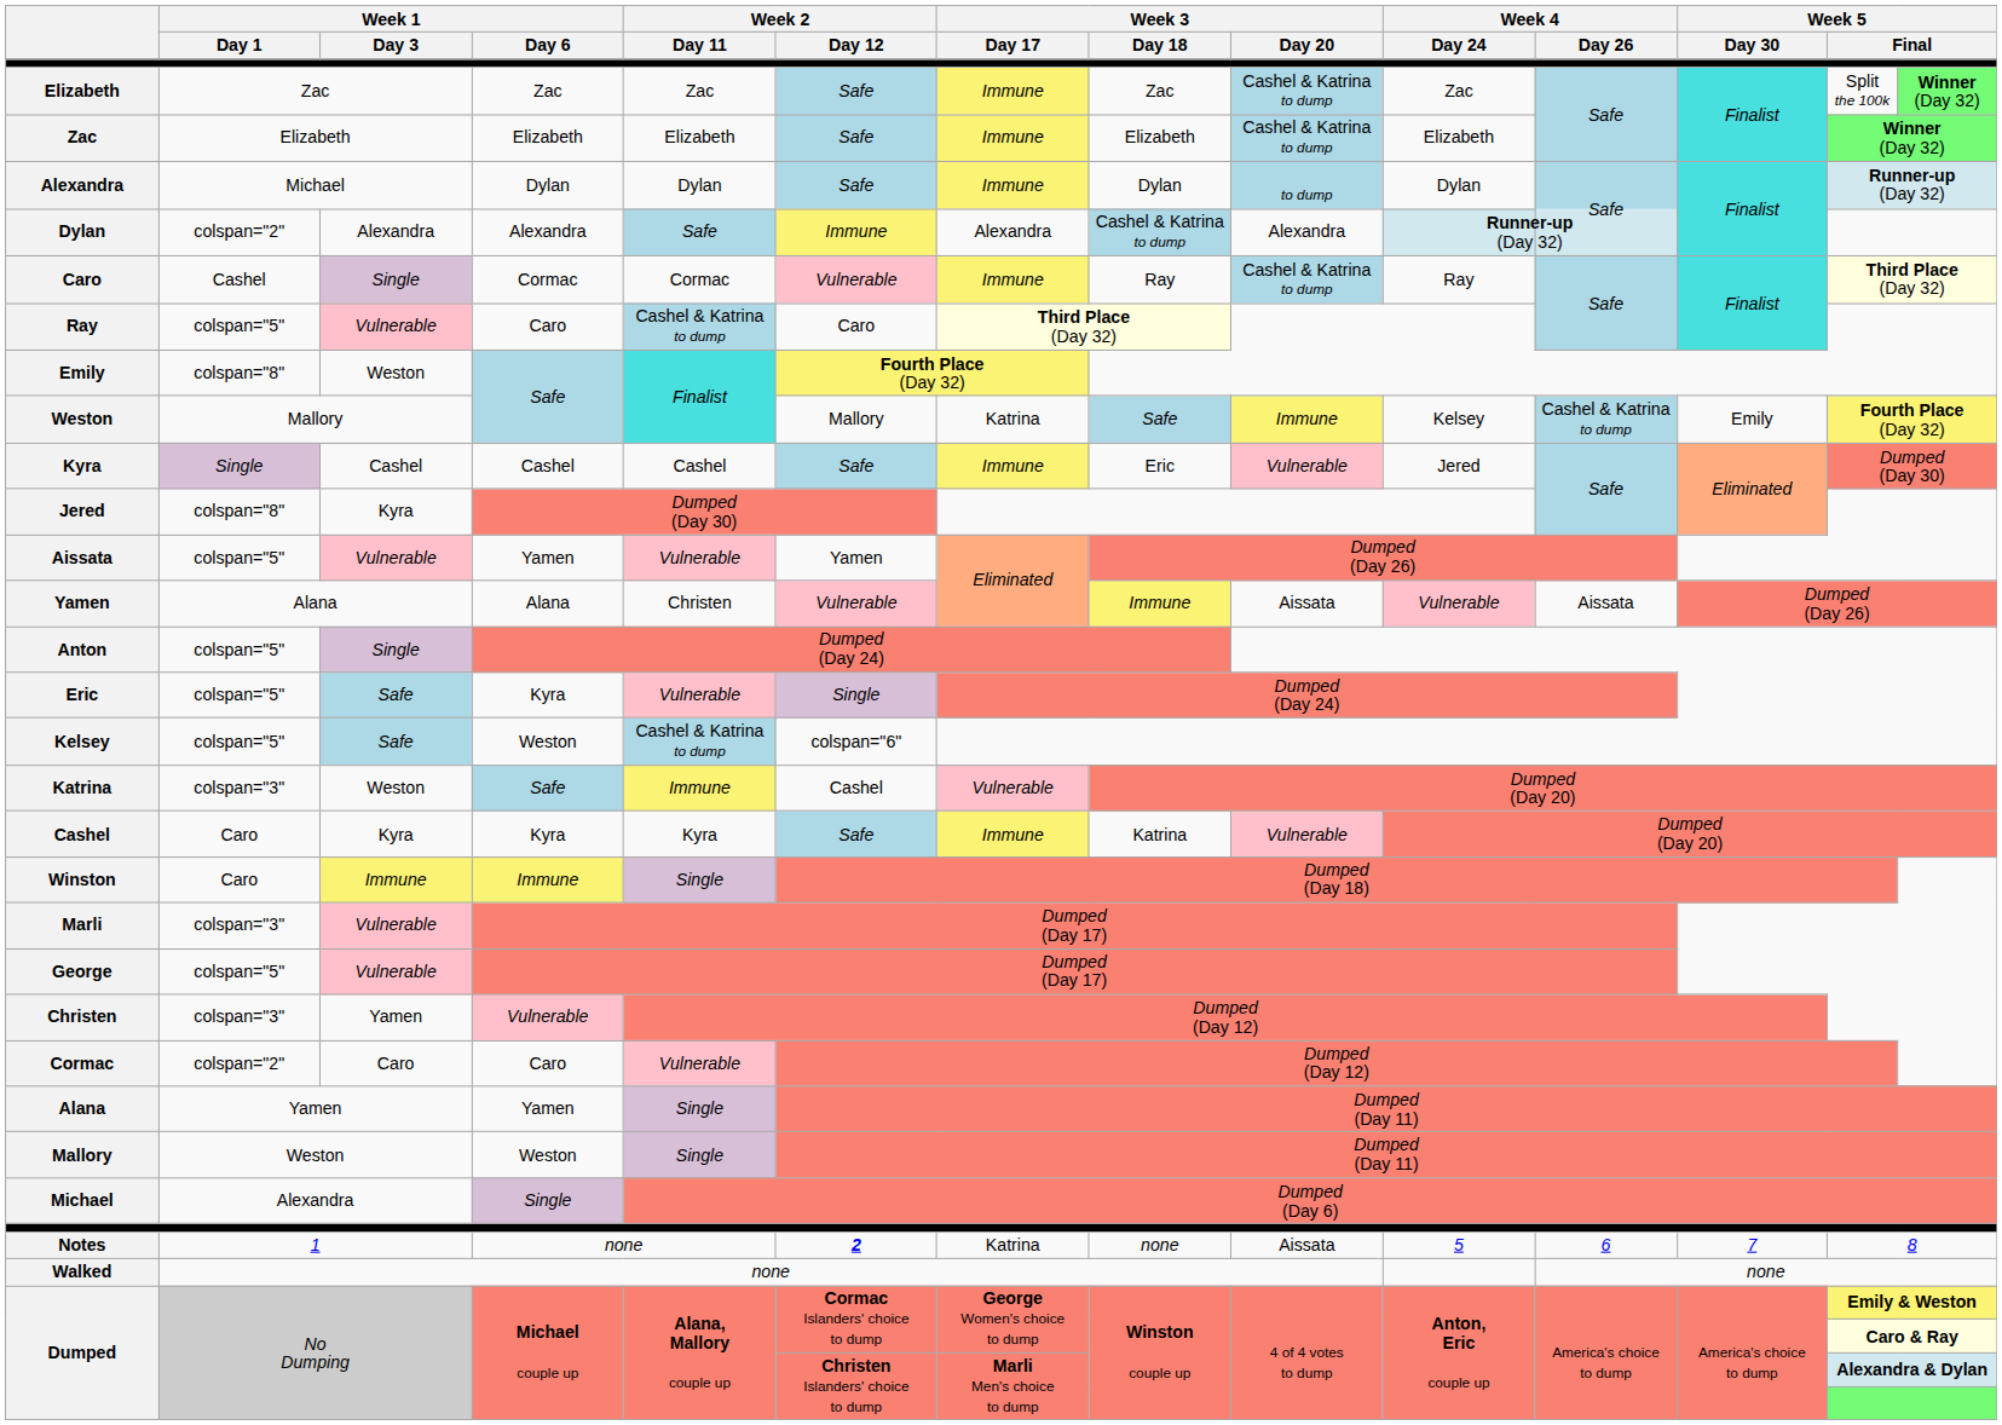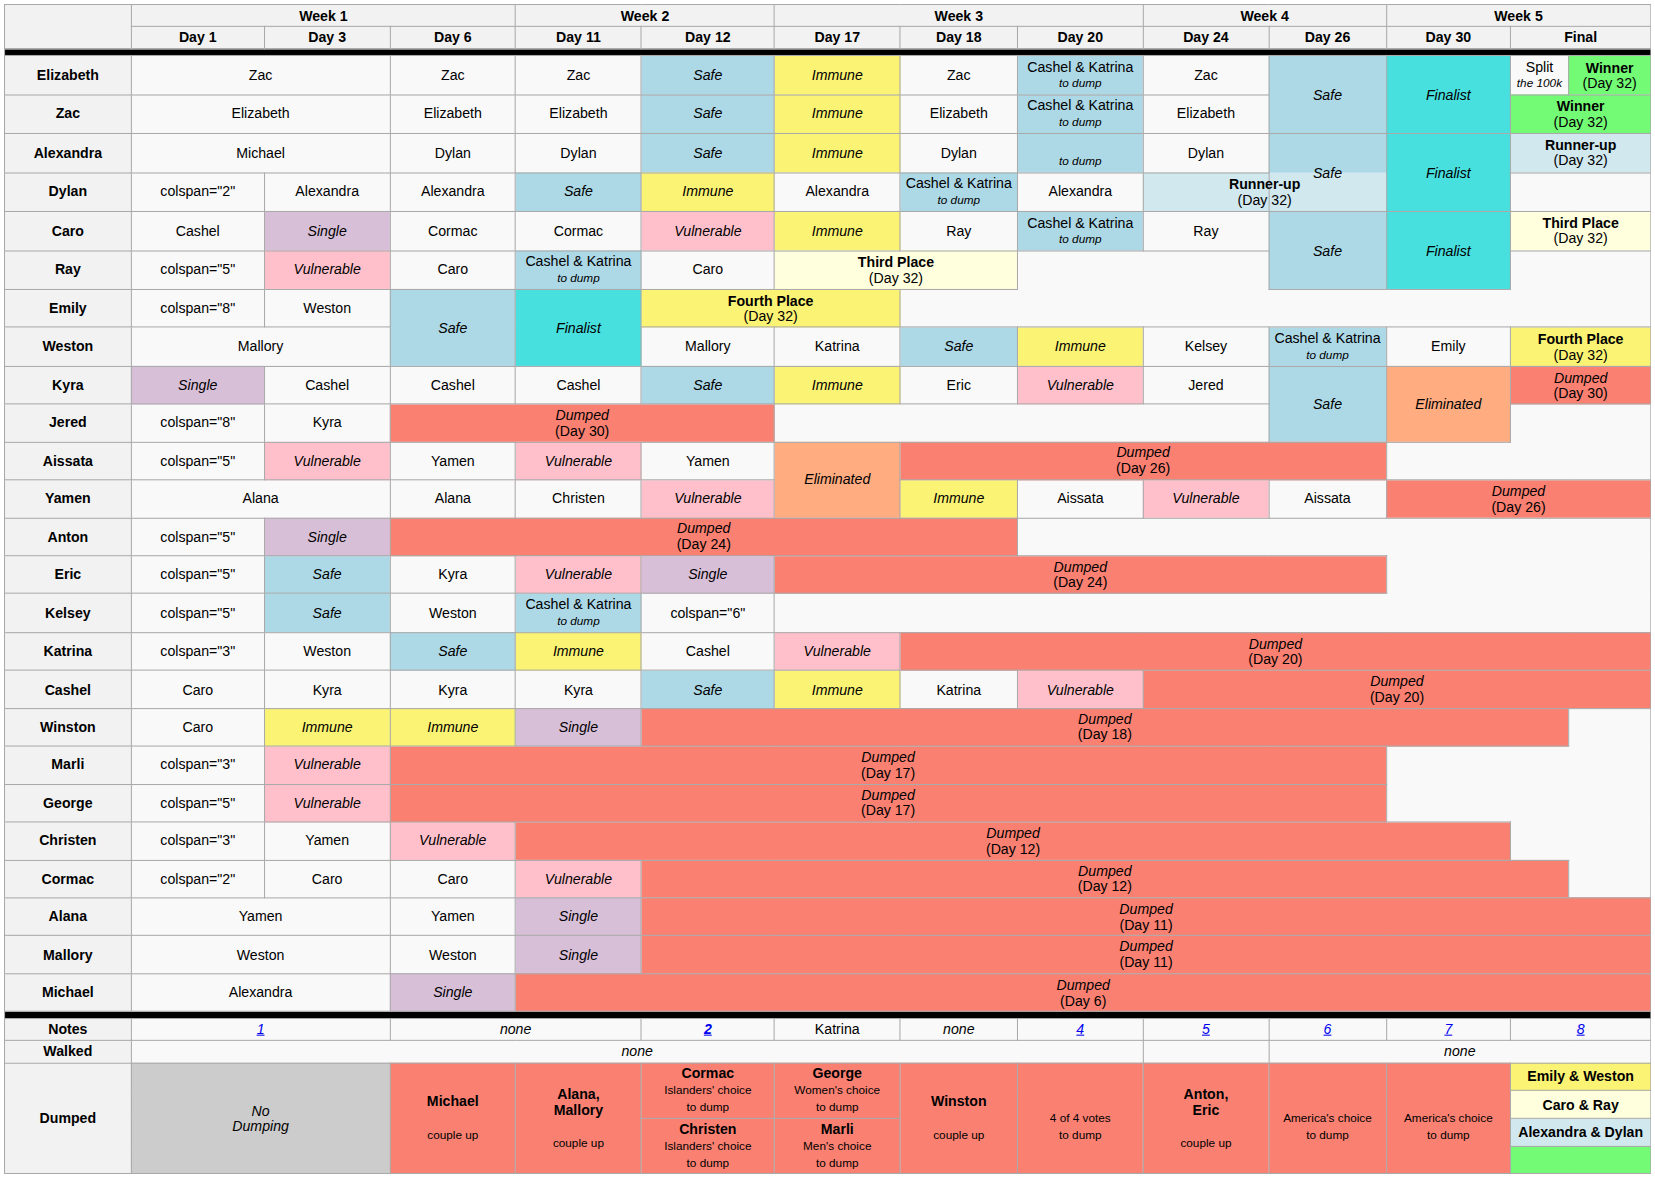 <table class="wikitable" style="text-align:center; font-size:85%; line-height:15px; width:100%">
 <tr>
 <th style="width:4%" rowspan="2"></th>
 <th style="width:8%" colspan="3">Week 1</th>
 <th style="width:8%" colspan="2">Week 2</th>
 <th style="width:8%" colspan="3">Week 3</th>
 <th style="width:8%" colspan="2">Week 4</th>
 <th style="width:8%" colspan="3">Week 5</th>
 </tr>
 <tr>
 <th style="width:4%">Day 1</th>
 <th style="width:4%">Day 3</th>
 <th style="width:4%">Day 6</th>
 <th style="width:4%">Day 11</th>
 <th style="width:4%">Day 12</th>
 <th style="width:4%">Day 17</th>
 <th style="width:4%">Day 18</th>
 <th style="width:4%">Day 20</th>
 <th style="width:4%">Day 24</th>
 <th style="width:4%">Day 26</th>
 <th style="width:4%">Day 30</th>
 <th style="width:4%" colspan="3">Final</th>
 </tr>
 <tr>
 <th style="background:#000" colspan="14"></th>
 </tr>
 <tr>
 <th>Elizabeth</th>
 <td colspan=2>Zac</td>
 <td>Zac</td>
 <td>Zac</td>
 <td bgcolor="lightblue"><em>Safe</em></td>
 <td bgcolor="FBF373"><em>Immune</em></td>
 <td>Zac</td>
 <td bgcolor="lightblue">Cashel & Katrina<br><small><em>to dump</em></small></td>
 <td>Zac</td>
 <td rowspan="2" bgcolor="lightblue"><em>Safe</em></td>
 <td rowspan="2" style="background:#48DFDF;"><em>Finalist</em></td>
 <td>Split<br><small><em>the 100k</em></small></td>
 <td bgcolor="73FB76"><strong>Winner</strong><br> (Day 32)</td>
 </tr>
 <tr>
 <th>Zac</th>
 <td colspan=2>Elizabeth</td>
 <td>Elizabeth</td>
 <td>Elizabeth</td>
 <td bgcolor="lightblue"><em>Safe</em></td>
 <td bgcolor="FBF373"><em>Immune</em></td>
 <td>Elizabeth</td>
 <td bgcolor="lightblue">Cashel & Katrina<br><small><em>to dump</em></small></td>
 <td>Elizabeth</td>
 <td bgcolor="73FB76" colspan="2"><strong>Winner</strong><br> (Day 32)</td>
 </tr>
 <tr>
 <th>Alexandra</th>
 <td colspan="2">Michael</td>
 <td>Dylan</td>
 <td>Dylan</td>
 <td bgcolor="lightblue"><em>Safe</em></td>
 <td bgcolor="FBF373"><em>Immune</em></td>
 <td>Dylan</td>
 <td bgcolor="lightblue"><br><small><em>to dump</em></small></td>
 <td>Dylan</td>
 <td rowspan="2" bgcolor="lightblue"><em>Safe</em></td>
 <td rowspan="2" style="background:#48DFDF;"><em>Finalist</em></td>
 <td bgcolor="D1E8EF" colspan="2"><strong>Runner-up</strong><br> (Day 32)</td>
 </tr>
 <tr>
 <th>Dylan</th>
 <td>colspan="2" </td>
 <td>Alexandra</td>
 <td>Alexandra</td>
 <td bgcolor="lightblue"><em>Safe</em></td>
 <td bgcolor="FBF373"><em>Immune</em></td>
 <td>Alexandra</td>
 <td bgcolor="lightblue">Cashel & Katrina<br><small><em>to dump</em></small></td>
 <td>Alexandra</td>
 <td bgcolor="D1E8EF" colspan="2"><strong>Runner-up</strong><br> (Day 32)</td>
 </tr>
 <tr>
 <th>Caro</th>
 <td>Cashel</td>
 <td bgcolor="thistle"><em>Single</em></td>
 <td>Cormac</td>
 <td>Cormac</td>
 <td bgcolor="pink"><em>Vulnerable</em></td>
 <td bgcolor="FBF373"><em>Immune</em></td>
 <td>Ray</td>
 <td bgcolor="lightblue">Cashel & Katrina<br><small><em>to dump</em></small></td>
 <td>Ray</td>
 <td rowspan="2" bgcolor="lightblue"><em>Safe</em></td>
 <td rowspan="2" style="background:#48DFDF;"><em>Finalist</em></td>
 <td style="background:#FFFFDD;" colspan="2"><strong>Third Place</strong><br> (Day 32)</td>
 </tr>
 <tr>
 <th>Ray</th>
 <td>colspan="5" </td>
 <td bgcolor="pink"><em>Vulnerable</em></td>
 <td>Caro</td>
 <td bgcolor="lightblue">Cashel & Katrina<br><small><em>to dump</em></small></td>
 <td>Caro</td>
 <td style="background:#FFFFDD;" colspan="2"><strong>Third Place</strong><br> (Day 32)</td>
 </tr>
 <tr>
 <th>Emily</th>
 <td>colspan="8" </td>
 <td>Weston</td>
 <td rowspan="2" bgcolor="lightblue"><em>Safe</em></td>
 <td rowspan="2" style="background:#48DFDF;"><em>Finalist</em></td>
 <td style="background:#FBF373;" colspan="2"><strong>Fourth Place</strong><br> (Day 32)</td>
 </tr>
 <tr>
 <th>Weston</th>
 <td colspan=2>Mallory</td>
 <td>Mallory</td>
 <td>Katrina</td>
 <td bgcolor="lightblue"><em>Safe</em></td>
 <td bgcolor="FBF373"><em>Immune</em></td>
 <td>Kelsey</td>
 <td bgcolor="lightblue">Cashel & Katrina<br><small><em>to dump</em></small></td>
 <td>Emily</td>
 <td style="background:#FBF373;" colspan="2"><strong>Fourth Place</strong><br> (Day 32)</td>
 </tr>
 <tr>
 <th>Kyra</th>
 <td bgcolor="thistle"><em>Single</em></td>
 <td>Cashel</td>
 <td>Cashel</td>
 <td>Cashel</td>
 <td bgcolor="lightblue"><em>Safe</em></td>
 <td bgcolor="FBF373"><em>Immune</em></td>
 <td>Eric</td>
 <td bgcolor="pink"><em>Vulnerable</em></td>
 <td>Jered</td>
 <td rowspan="2" bgcolor="lightblue"><em>Safe</em></td>
 <td rowspan="2" bgcolor="#ffad80"><em>Eliminated</em></td>
 <td colspan="3" style="background:salmon;"><em>Dumped</em><br> (Day 30)</td>
 </tr>
 <tr>
 <th>Jered</th>
 <td>colspan="8" </td>
 <td>Kyra</td>
 <td colspan="3" style="background:salmon;"><em>Dumped</em><br> (Day 30)</td>
 </tr>
 <tr>
 <th>Aissata</th>
 <td>colspan="5" </td>
 <td bgcolor="pink"><em>Vulnerable</em></td>
 <td>Yamen</td>
 <td bgcolor="pink"><em>Vulnerable</em></td>
 <td>Yamen</td>
 <td rowspan="2" bgcolor="#ffad80"><em>Eliminated</em></td>
 <td colspan="4" style="background:salmon;"><em>Dumped</em><br> (Day 26)</td>
 </tr>
 <tr>
 <th>Yamen</th>
 <td colspan=2>Alana</td>
 <td>Alana</td>
 <td>Christen</td>
 <td bgcolor="pink"><em>Vulnerable</em></td>
 <td bgcolor="FBF373"><em>Immune</em></td>
 <td>Aissata</td>
 <td bgcolor="pink"><em>Vulnerable</em></td>
 <td>Aissata</td>
 <td colspan="4" style="background:salmon;"><em>Dumped</em><br> (Day 26)</td>
 </tr>
 <tr>
 <th>Anton</th>
 <td>colspan="5" </td>
 <td bgcolor="thistle"><em>Single</em></td>
 <td colspan="5" style="background:salmon;"><em>Dumped</em><br> (Day 24)</td>
 </tr>
 <tr>
 <th>Eric</th>
 <td>colspan="5" </td>
 <td bgcolor="lightblue"><em>Safe</em></td>
 <td>Kyra</td>
 <td bgcolor="pink"><em>Vulnerable</em></td>
 <td bgcolor="thistle"><em>Single</em></td>
 <td colspan="5" style="background:salmon;"><em>Dumped</em><br> (Day 24)</td>
 </tr>
 <tr>
 <th>Kelsey</th>
 <td>colspan="5" </td>
 <td bgcolor="lightblue"><em>Safe</em></td>
 <td>Weston</td>
 <td bgcolor="lightblue">Cashel & Katrina<br><small><em>to dump</em></small></td>
 <td>colspan="6" </td>
 </tr>
 <tr>
 <th>Katrina</th>
 <td>colspan="3" </td>
 <td>Weston</td>
 <td bgcolor="lightblue"><em>Safe</em></td>
 <td bgcolor="FBF373"><em>Immune</em></td>
 <td>Cashel</td>
 <td bgcolor="pink"><em>Vulnerable</em></td>
 <td colspan="7" style="background:salmon;"><em>Dumped</em><br> (Day 20)</td>
 </tr>
 <tr>
 <th>Cashel</th>
 <td>Caro</td>
 <td>Kyra</td>
 <td>Kyra</td>
 <td>Kyra</td>
 <td bgcolor="lightblue"><em>Safe</em></td>
 <td bgcolor="FBF373"><em>Immune</em></td>
 <td>Katrina</td>
 <td bgcolor="pink"><em>Vulnerable</em></td>
 <td colspan="7" style="background:salmon;"><em>Dumped</em><br> (Day 20)</td>
 </tr>
 <tr>
 <th>Winston</th>
 <td>Caro</td>
 <td bgcolor="FBF373"><em>Immune</em></td>
 <td bgcolor="FBF373"><em>Immune</em></td>
 <td bgcolor="thistle"><em>Single</em></td>
 <td colspan="8" style="background:salmon;"><em>Dumped</em><br> (Day 18)</td>
 </tr>
 <tr>
 <th>Marli</th>
 <td>colspan="3" </td>
 <td bgcolor="pink"><em>Vulnerable</em></td>
 <td colspan="8" style="background:salmon;"><em>Dumped</em><br> (Day 17)</td>
 </tr>
 <tr>
 <th>George</th>
 <td>colspan="5" </td>
 <td bgcolor="pink"><em>Vulnerable</em></td>
 <td colspan="8" style="background:salmon;"><em>Dumped</em><br> (Day 17)</td>
 </tr>
 <tr>
 <th>Christen</th>
 <td>colspan="3" </td>
 <td>Yamen</td>
 <td bgcolor="pink"><em>Vulnerable</em></td>
 <td colspan="8" style="background:salmon;"><em>Dumped</em><br> (Day 12)</td>
 </tr>
 <tr>
 <th>Cormac</th>
 <td>colspan="2" </td>
 <td>Caro</td>
 <td>Caro</td>
 <td bgcolor="pink"><em>Vulnerable</em></td>
 <td colspan="8" style="background:salmon;"><em>Dumped</em><br> (Day 12)</td>
 </tr>
 <tr>
 <th>Alana</th>
 <td colspan=2>Yamen</td>
 <td>Yamen</td>
 <td bgcolor="thistle"><em>Single</em></td>
 <td colspan="9" style="background:salmon;"><em>Dumped</em><br> (Day 11)</td>
 </tr>
 <tr>
 <th>Mallory</th>
 <td colspan=2>Weston</td>
 <td>Weston</td>
 <td bgcolor="thistle"><em>Single</em></td>
 <td colspan="9" style="background:salmon;"><em>Dumped</em><br> (Day 11)</td>
 </tr>
 <tr>
 <th>Michael</th>
 <td colspan=2>Alexandra</td>
 <td bgcolor="thistle"><em>Single</em></td>
 <td colspan="10" style="background:salmon;"><em>Dumped</em><br> (Day 6)</td>
 </tr>
 <tr>
 <th style="background:#000" colspan="14"></th>
 </tr>
 <tr>
 <th>Notes</th>
 <td colspan="2"><em><a href='#'>1</a></em></td>
 <td colspan="2"><em>none</em></td>
 <td><strong><em><a href='#'>2</a></em></strong></td>
 <td>Katrina</td>
 <td><em>none</em></td>
-<td>Aissata</td>
+<td><em><a href='#'>4</a></em></td>
 <td><em><a href='#'>5</a></em></td>
 <td><em><a href='#'>6</a></em></td>
 <td><em><a href='#'>7</a></em></td>
 <td colspan="2"><em><a href='#'>8</a></em></td>
 </tr>
 <tr>
 <th>Walked</th>
 <td colspan="8"><em>none</em></td>
 <td></td>
 <td colspan="4"><em>none</em></td>
 </tr>
 <tr>
 <th rowspan=4>Dumped</th>
 <td colspan="2" rowspan=4 style="background:#ccc"><em>No<br>Dumping</em></td>
 <td style="background:salmon" rowspan="4"><strong>Michael</strong><br><small><br>couple up</small></td>
 <td style="background:salmon" rowspan="4"><strong>Alana,<br>Mallory</strong><br><small><br>couple up</small></td>
 <td style="background:salmon" rowspan="2"><strong>Cormac</strong><br><small>Islanders' choice<br>to dump</small></td>
 <td style="background:salmon" rowspan="2"><strong>George</strong><br><small>Women's choice<br>to dump</small></td>
 <td style="background:salmon" rowspan="4"><strong>Winston</strong><br><small><br>couple up</small></td>
 <td style="background:salmon" rowspan="4"><br><small>4 of 4 votes<br>to dump</small></td>
 <td style="background:salmon" rowspan="4"><strong>Anton,<br>Eric</strong><br><small><br>couple up</small></td>
 <td style="background:salmon" rowspan="4"><br><small>America's choice<br>to dump</small></td>
 <td style="background:salmon" rowspan="4"><br><small>America's choice<br>to dump</small></td>
 <td style="background:#FBF373" colspan="2"><strong>Emily & Weston</strong><br><small></small></td>
 </tr>
 <tr>
 <td style="background:#FFFFDD" colspan="2"><strong>Caro & Ray</strong><br><small></small></td>
 </tr>
 <tr>
 <td style="background:salmon" rowspan="2"><strong>Christen</strong><br><small>Islanders' choice  <br>to dump</small></td>
 <td style="background:salmon" rowspan="2"><strong>Marli</strong><br><small>Men's choice <br>to dump</small></td>
 <td style="background:#D1E8EF" colspan="2"><strong>Alexandra & Dylan</strong><br><small></small></td>
 </tr>
 <tr>
 <td style="background:#73FB76" colspan="2"><br><small></small></td>
 </tr>
 </table>
